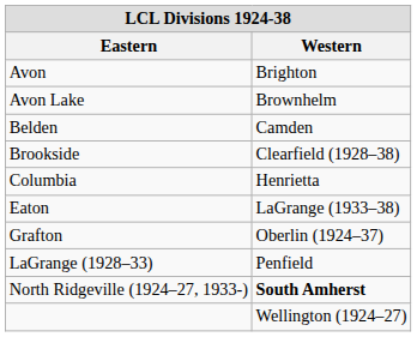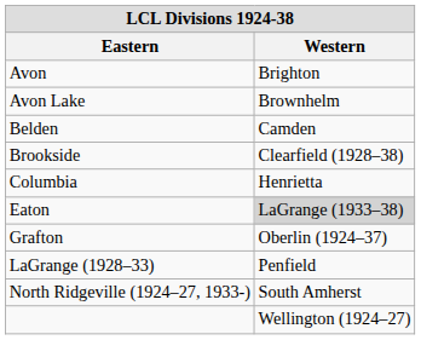 <table class="wikitable">
 <tr>
 <th colspan="4" style="background:#ddd;">LCL Divisions 1924-38</th>
 </tr>
 <tr>
 <th>Eastern</th>
 <th>Western</th>
 </tr>
 <tr>
 <td>Avon</td>
 <td>Brighton</td>
 </tr>
 <tr>
 <td>Avon Lake</td>
 <td>Brownhelm</td>
 </tr>
 <tr>
 <td>Belden</td>
 <td>Camden</td>
 </tr>
 <tr>
 <td>Brookside</td>
 <td>Clearfield (1928–38)</td>
 </tr>
 <tr>
 <td>Columbia</td>
 <td>Henrietta</td>
 </tr>
 <tr>
 <td>Eaton</td>
-<td>LaGrange (1933–38)</td>
+<td style="background: lightgrey;">LaGrange (1933–38)</td>
 </tr>
 <tr>
 <td>Grafton</td>
 <td>Oberlin (1924–37)</td>
 </tr>
 <tr>
 <td>LaGrange (1928–33)</td>
 <td>Penfield</td>
 </tr>
 <tr>
 <td>North Ridgeville (1924–27, 1933-)</td>
-<td><strong>South Amherst</strong></td>
+<td>South Amherst</td>
 </tr>
 <tr>
 <td></td>
 <td>Wellington (1924–27)</td>
 </tr>
 </table>
